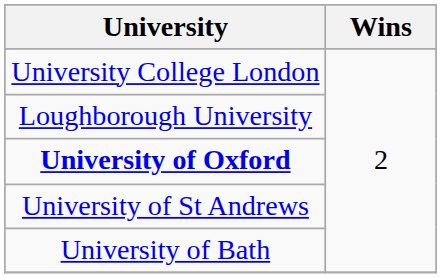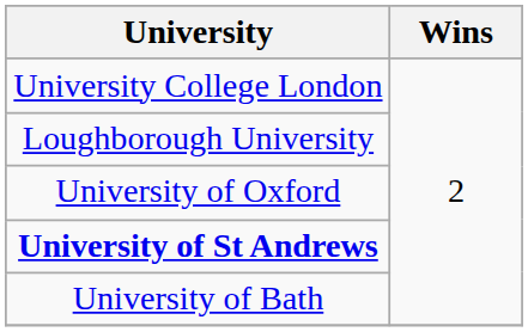 <table class="wikitable" rowspan="2" style="text-align:center" background: #f6e39c;>
 <tr>
 <th scope="col" style="text-align:center">University</th>
 <th scope="col" style="width:55px">Wins</th>
 </tr>
 <tr>
 <td><a href='#'>University College London</a></td>
 <td rowspan="5" style="text-align:center">2</td>
 </tr>
 <tr>
 <td><a href='#'>Loughborough University</a></td>
 </tr>
 <tr>
-<td><strong><a href='#'>University of Oxford</a></strong></td>
+<td><a href='#'>University of Oxford</a></td>
 </tr>
 <tr>
-<td><a href='#'>University of St Andrews</a></td>
+<td><strong><a href='#'>University of St Andrews</a></strong></td>
 </tr>
 <tr>
 <td><a href='#'>University of Bath</a></td>
 </tr>
 <tr>
 </tr>
 </table>
